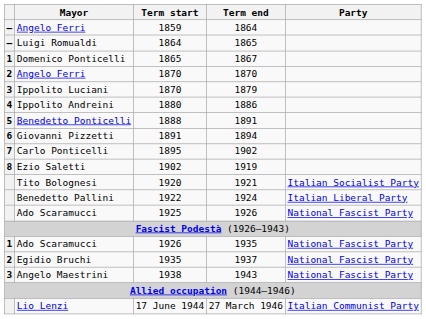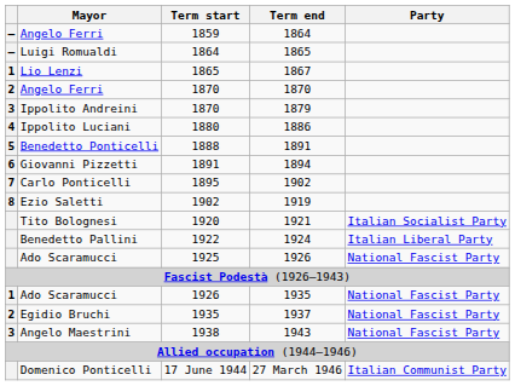 <table class="wikitable">
 <tr>
 <th class=unsortable> </th>
 <th>Mayor</th>
 <th>Term start</th>
 <th>Term end</th>
 <th>Party</th>
 </tr>
 <tr>
 <th rowspan=1 style="background:">–</th>
 <td><a href='#'>Angelo Ferri</a></td>
 <td align=center>1859</td>
 <td align=center>1864</td>
 <td></td>
 </tr>
 <tr>
 <th rowspan=1 style="background:">–</th>
 <td>Luigi Romualdi</td>
 <td align=center>1864</td>
 <td align=center>1865</td>
 <td></td>
 </tr>
 <tr>
 <th rowspan=1 style="background:">1</th>
-<td>Domenico Ponticelli</td>
+<td><a href='#'>Lio Lenzi</a></td>
 <td align=center>1865</td>
 <td align=center>1867</td>
 <td></td>
 </tr>
 <tr>
 <th rowspan=1 style="background:">2</th>
 <td><a href='#'>Angelo Ferri</a></td>
 <td align=center>1870</td>
 <td align=center>1870</td>
 <td></td>
 </tr>
 <tr>
 <th rowspan=1 style="background:">3</th>
-<td>Ippolito Luciani</td>
+<td>Ippolito Andreini</td>
 <td align=center>1870</td>
 <td align=center>1879</td>
 <td></td>
 </tr>
 <tr>
 <th rowspan=1 style="background:">4</th>
-<td>Ippolito Andreini</td>
+<td>Ippolito Luciani</td>
 <td align=center>1880</td>
 <td align=center>1886</td>
 <td></td>
 </tr>
 <tr>
 <th rowspan=1 style="background:">5</th>
 <td><a href='#'>Benedetto Ponticelli</a></td>
 <td align=center>1888</td>
 <td align=center>1891</td>
 <td></td>
 </tr>
 <tr>
 <th rowspan=1 style="background:">6</th>
 <td>Giovanni Pizzetti</td>
 <td align=center>1891</td>
 <td align=center>1894</td>
 <td></td>
 </tr>
 <tr>
 <th rowspan=1 style="background:">7</th>
 <td>Carlo Ponticelli</td>
 <td align=center>1895</td>
 <td align=center>1902</td>
 <td></td>
 </tr>
 <tr>
 <th rowspan=1 style="background:">8</th>
 <td>Ezio Saletti</td>
 <td align=center>1902</td>
 <td align=center>1919</td>
 <td></td>
 </tr>
 <tr>
 <th rowspan=1 style="background:"></th>
 <td>Tito Bolognesi</td>
 <td align=center>1920</td>
 <td align=center>1921</td>
 <td><a href='#'>Italian Socialist Party</a></td>
 </tr>
 <tr>
 <th rowspan=1 style="background:"></th>
 <td>Benedetto Pallini</td>
 <td align=center>1922</td>
 <td align=center>1924</td>
 <td><a href='#'>Italian Liberal Party</a></td>
 </tr>
 <tr>
 <th rowspan=1 style="background:"></th>
 <td>Ado Scaramucci</td>
 <td align=center>1925</td>
 <td align=center>1926</td>
 <td><a href='#'>National Fascist Party</a></td>
 </tr>
 <tr>
 <td colspan="8" bgcolor="lightgrey" align=center><strong><a href='#'>Fascist Podestà</a></strong> (1926–1943)</td>
 </tr>
 <tr>
 <th rowspan=1 style="background:">1</th>
 <td>Ado Scaramucci</td>
 <td align=center>1926</td>
 <td align=center>1935</td>
 <td><a href='#'>National Fascist Party</a></td>
 </tr>
 <tr>
 <th rowspan=1 style="background:">2</th>
 <td>Egidio Bruchi</td>
 <td align=center>1935</td>
 <td align=center>1937</td>
 <td><a href='#'>National Fascist Party</a></td>
 </tr>
 <tr>
 <th rowspan=1 style="background:">3</th>
 <td>Angelo Maestrini</td>
 <td align=center>1938</td>
 <td align=center>1943</td>
 <td><a href='#'>National Fascist Party</a></td>
 </tr>
 <tr>
 <td colspan="8" bgcolor="lightgrey" align=center><strong><a href='#'>Allied occupation</a></strong> (1944–1946)</td>
 </tr>
 <tr>
 <th rowspan=1 style="background:"></th>
-<td><a href='#'>Lio Lenzi</a></td>
+<td>Domenico Ponticelli</td>
 <td align=center>17 June 1944</td>
 <td align=center>27 March 1946</td>
 <td><a href='#'>Italian Communist Party</a></td>
 </tr>
 </table>
